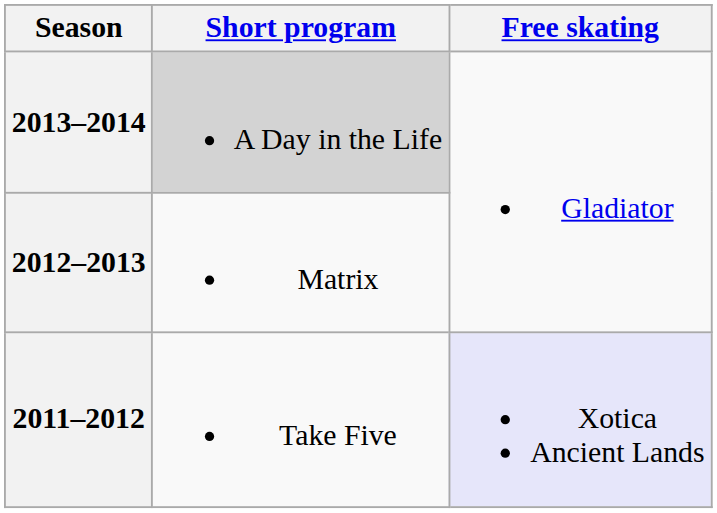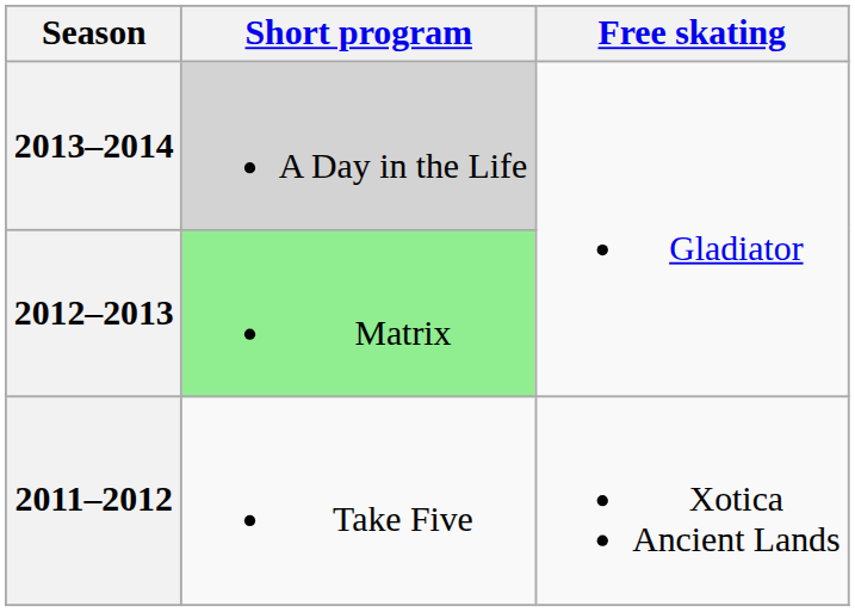 <table class="wikitable" style="text-align:center">
 <tr>
 <th>Season</th>
 <th><a href='#'>Short program</a></th>
 <th><a href='#'>Free skating</a></th>
 </tr>
 <tr>
 <th>2013–2014 <br> </th>
 <td style="background: lightgrey;"><br><ul><li>A Day in the Life <br></li></ul></td>
 <td rowspan=2><br><ul><li><a href='#'>Gladiator</a> <br></li></ul></td>
 </tr>
 <tr>
 <th>2012–2013 <br> </th>
-<td><br><ul><li>Matrix <br></li></ul></td>
+<td style="background: lightgreen;"><br><ul><li>Matrix <br></li></ul></td>
 </tr>
 <tr>
 <th>2011–2012 <br> </th>
 <td><br><ul><li>Take Five <br></li></ul></td>
-<td style="background: lavender;"><br><ul><li>Xotica <br></li><li>Ancient Lands <br></li></ul></td>
+<td><br><ul><li>Xotica <br></li><li>Ancient Lands <br></li></ul></td>
 </tr>
 </table>
